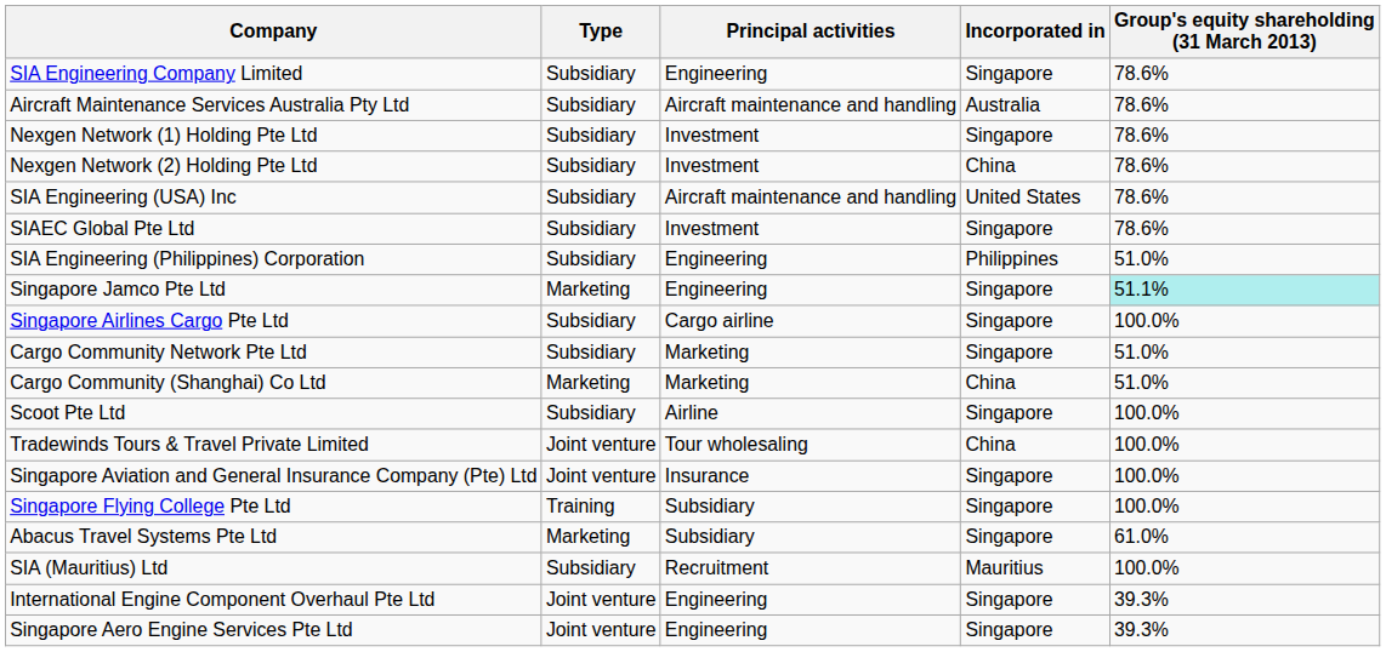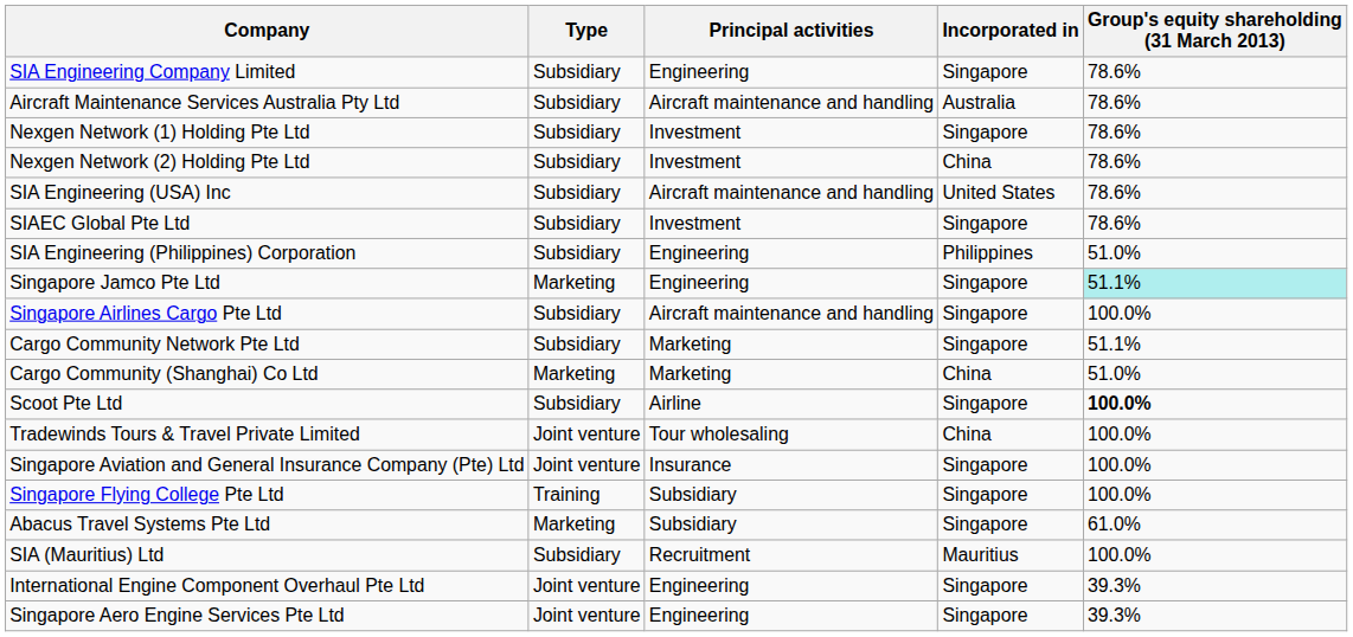 <table class="wikitable sortable" style="font-size:98%; align:center;">
 <tr>
 <th>Company</th>
 <th>Type</th>
 <th>Principal activities</th>
 <th>Incorporated in</th>
 <th>Group's equity shareholding<br>(31 March 2013)</th>
 </tr>
 <tr>
 <td><a href='#'>SIA Engineering Company</a> Limited</td>
 <td>Subsidiary</td>
 <td>Engineering</td>
 <td>Singapore</td>
 <td>78.6%</td>
 </tr>
 <tr>
 <td>Aircraft Maintenance Services Australia Pty Ltd</td>
 <td>Subsidiary</td>
 <td>Aircraft maintenance and handling</td>
 <td>Australia</td>
 <td>78.6%</td>
 </tr>
 <tr>
 <td>Nexgen Network (1) Holding Pte Ltd</td>
 <td>Subsidiary</td>
 <td>Investment</td>
 <td>Singapore</td>
 <td>78.6%</td>
 </tr>
 <tr>
 <td>Nexgen Network (2) Holding Pte Ltd</td>
 <td>Subsidiary</td>
 <td>Investment</td>
 <td>China</td>
 <td>78.6%</td>
 </tr>
 <tr>
 <td>SIA Engineering (USA) Inc</td>
 <td>Subsidiary</td>
 <td>Aircraft maintenance and handling</td>
 <td>United States</td>
 <td>78.6%</td>
 </tr>
 <tr>
 <td>SIAEC Global Pte Ltd</td>
 <td>Subsidiary</td>
 <td>Investment</td>
 <td>Singapore</td>
 <td>78.6%</td>
 </tr>
 <tr>
 <td>SIA Engineering (Philippines) Corporation</td>
 <td>Subsidiary</td>
 <td>Engineering</td>
 <td>Philippines</td>
 <td>51.0%</td>
 </tr>
 <tr>
 <td>Singapore Jamco Pte Ltd</td>
 <td>Marketing</td>
 <td>Engineering</td>
 <td>Singapore</td>
 <td style="background: paleturquoise;">51.1%</td>
 </tr>
 <tr>
 <td><a href='#'>Singapore Airlines Cargo</a> Pte Ltd</td>
 <td>Subsidiary</td>
-<td>Cargo airline</td>
+<td>Aircraft maintenance and handling</td>
 <td>Singapore</td>
 <td>100.0%</td>
 </tr>
 <tr>
 <td>Cargo Community Network Pte Ltd</td>
 <td>Subsidiary</td>
 <td>Marketing</td>
 <td>Singapore</td>
-<td>51.0%</td>
+<td>51.1%</td>
 </tr>
 <tr>
 <td>Cargo Community (Shanghai) Co Ltd</td>
 <td>Marketing</td>
 <td>Marketing</td>
 <td>China</td>
 <td>51.0%</td>
 </tr>
 <tr>
 <td>Scoot Pte Ltd</td>
 <td>Subsidiary</td>
 <td>Airline</td>
 <td>Singapore</td>
-<td>100.0%</td>
+<td><strong>100.0%</strong></td>
 </tr>
 <tr>
 <td>Tradewinds Tours & Travel Private Limited</td>
 <td>Joint venture</td>
 <td>Tour wholesaling</td>
 <td>China</td>
 <td>100.0%</td>
 </tr>
 <tr>
 <td>Singapore Aviation and General Insurance Company (Pte) Ltd</td>
 <td>Joint venture</td>
 <td>Insurance</td>
 <td>Singapore</td>
 <td>100.0%</td>
 </tr>
 <tr>
 <td><a href='#'>Singapore Flying College</a> Pte Ltd</td>
 <td>Training</td>
 <td>Subsidiary</td>
 <td>Singapore</td>
 <td>100.0%</td>
 </tr>
 <tr>
 <td>Abacus Travel Systems Pte Ltd</td>
 <td>Marketing</td>
 <td>Subsidiary</td>
 <td>Singapore</td>
 <td>61.0%</td>
 </tr>
 <tr>
 <td>SIA (Mauritius) Ltd</td>
 <td>Subsidiary</td>
 <td>Recruitment</td>
 <td>Mauritius</td>
 <td>100.0%</td>
 </tr>
 <tr>
 <td>International Engine Component Overhaul Pte Ltd</td>
 <td>Joint venture</td>
 <td>Engineering</td>
 <td>Singapore</td>
 <td>39.3%</td>
 </tr>
 <tr>
 <td>Singapore Aero Engine Services Pte Ltd</td>
 <td>Joint venture</td>
 <td>Engineering</td>
 <td>Singapore</td>
 <td>39.3%</td>
 </tr>
 </table>
